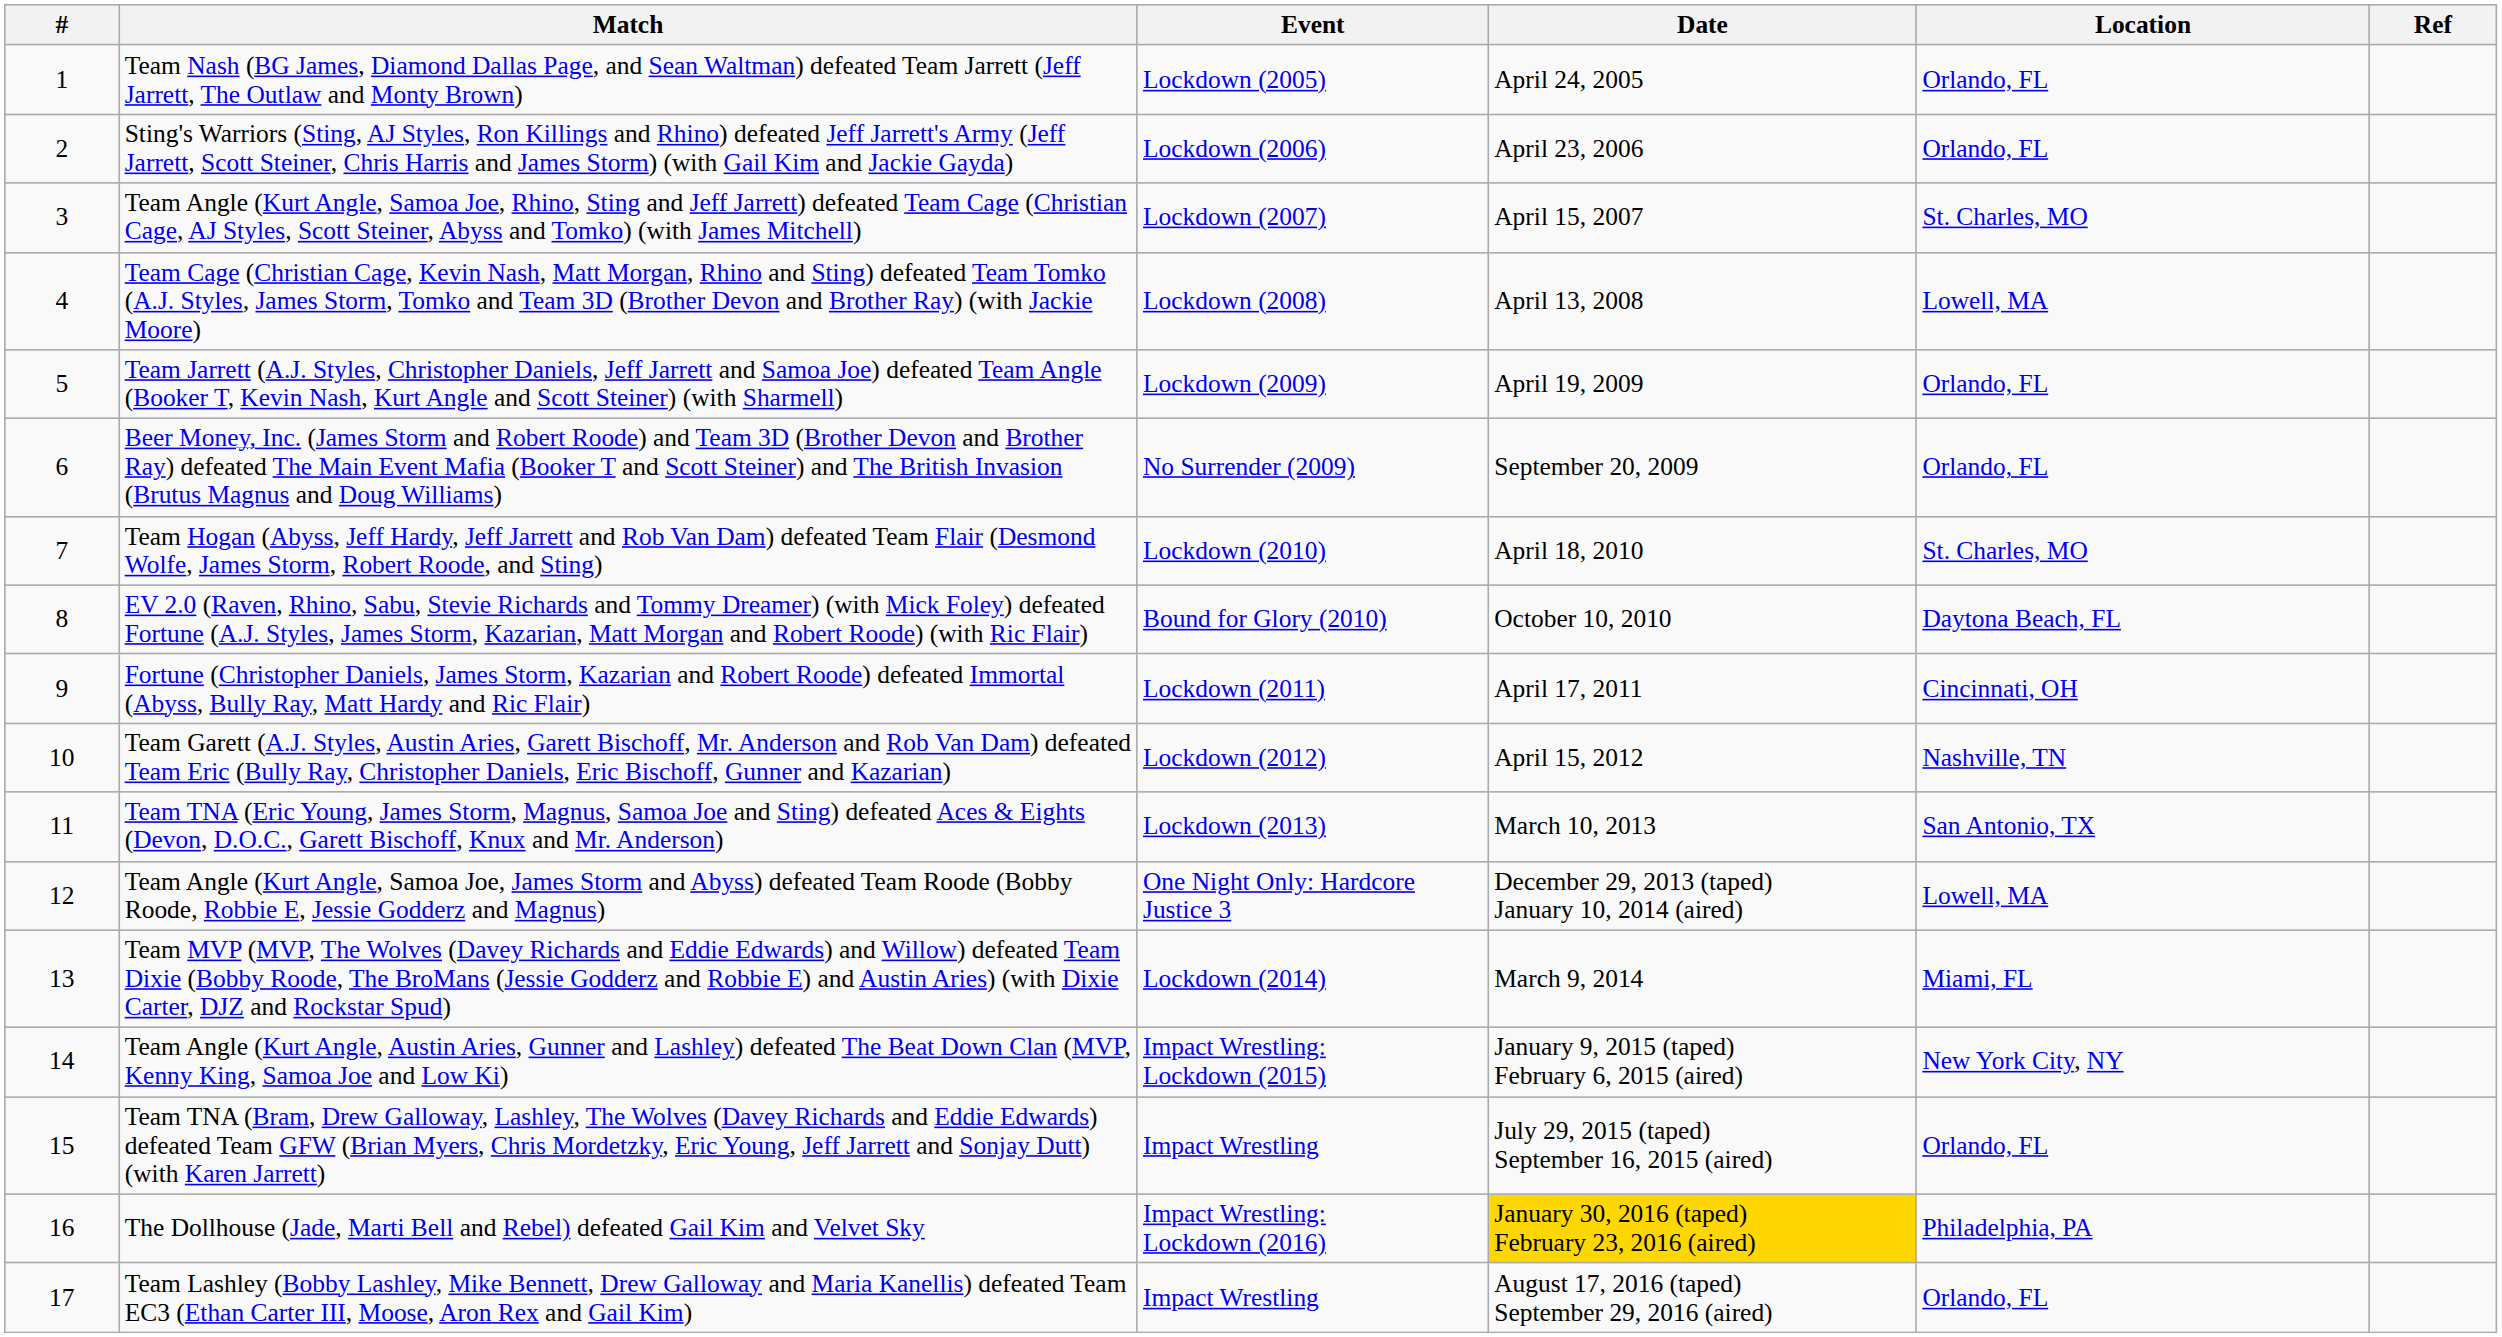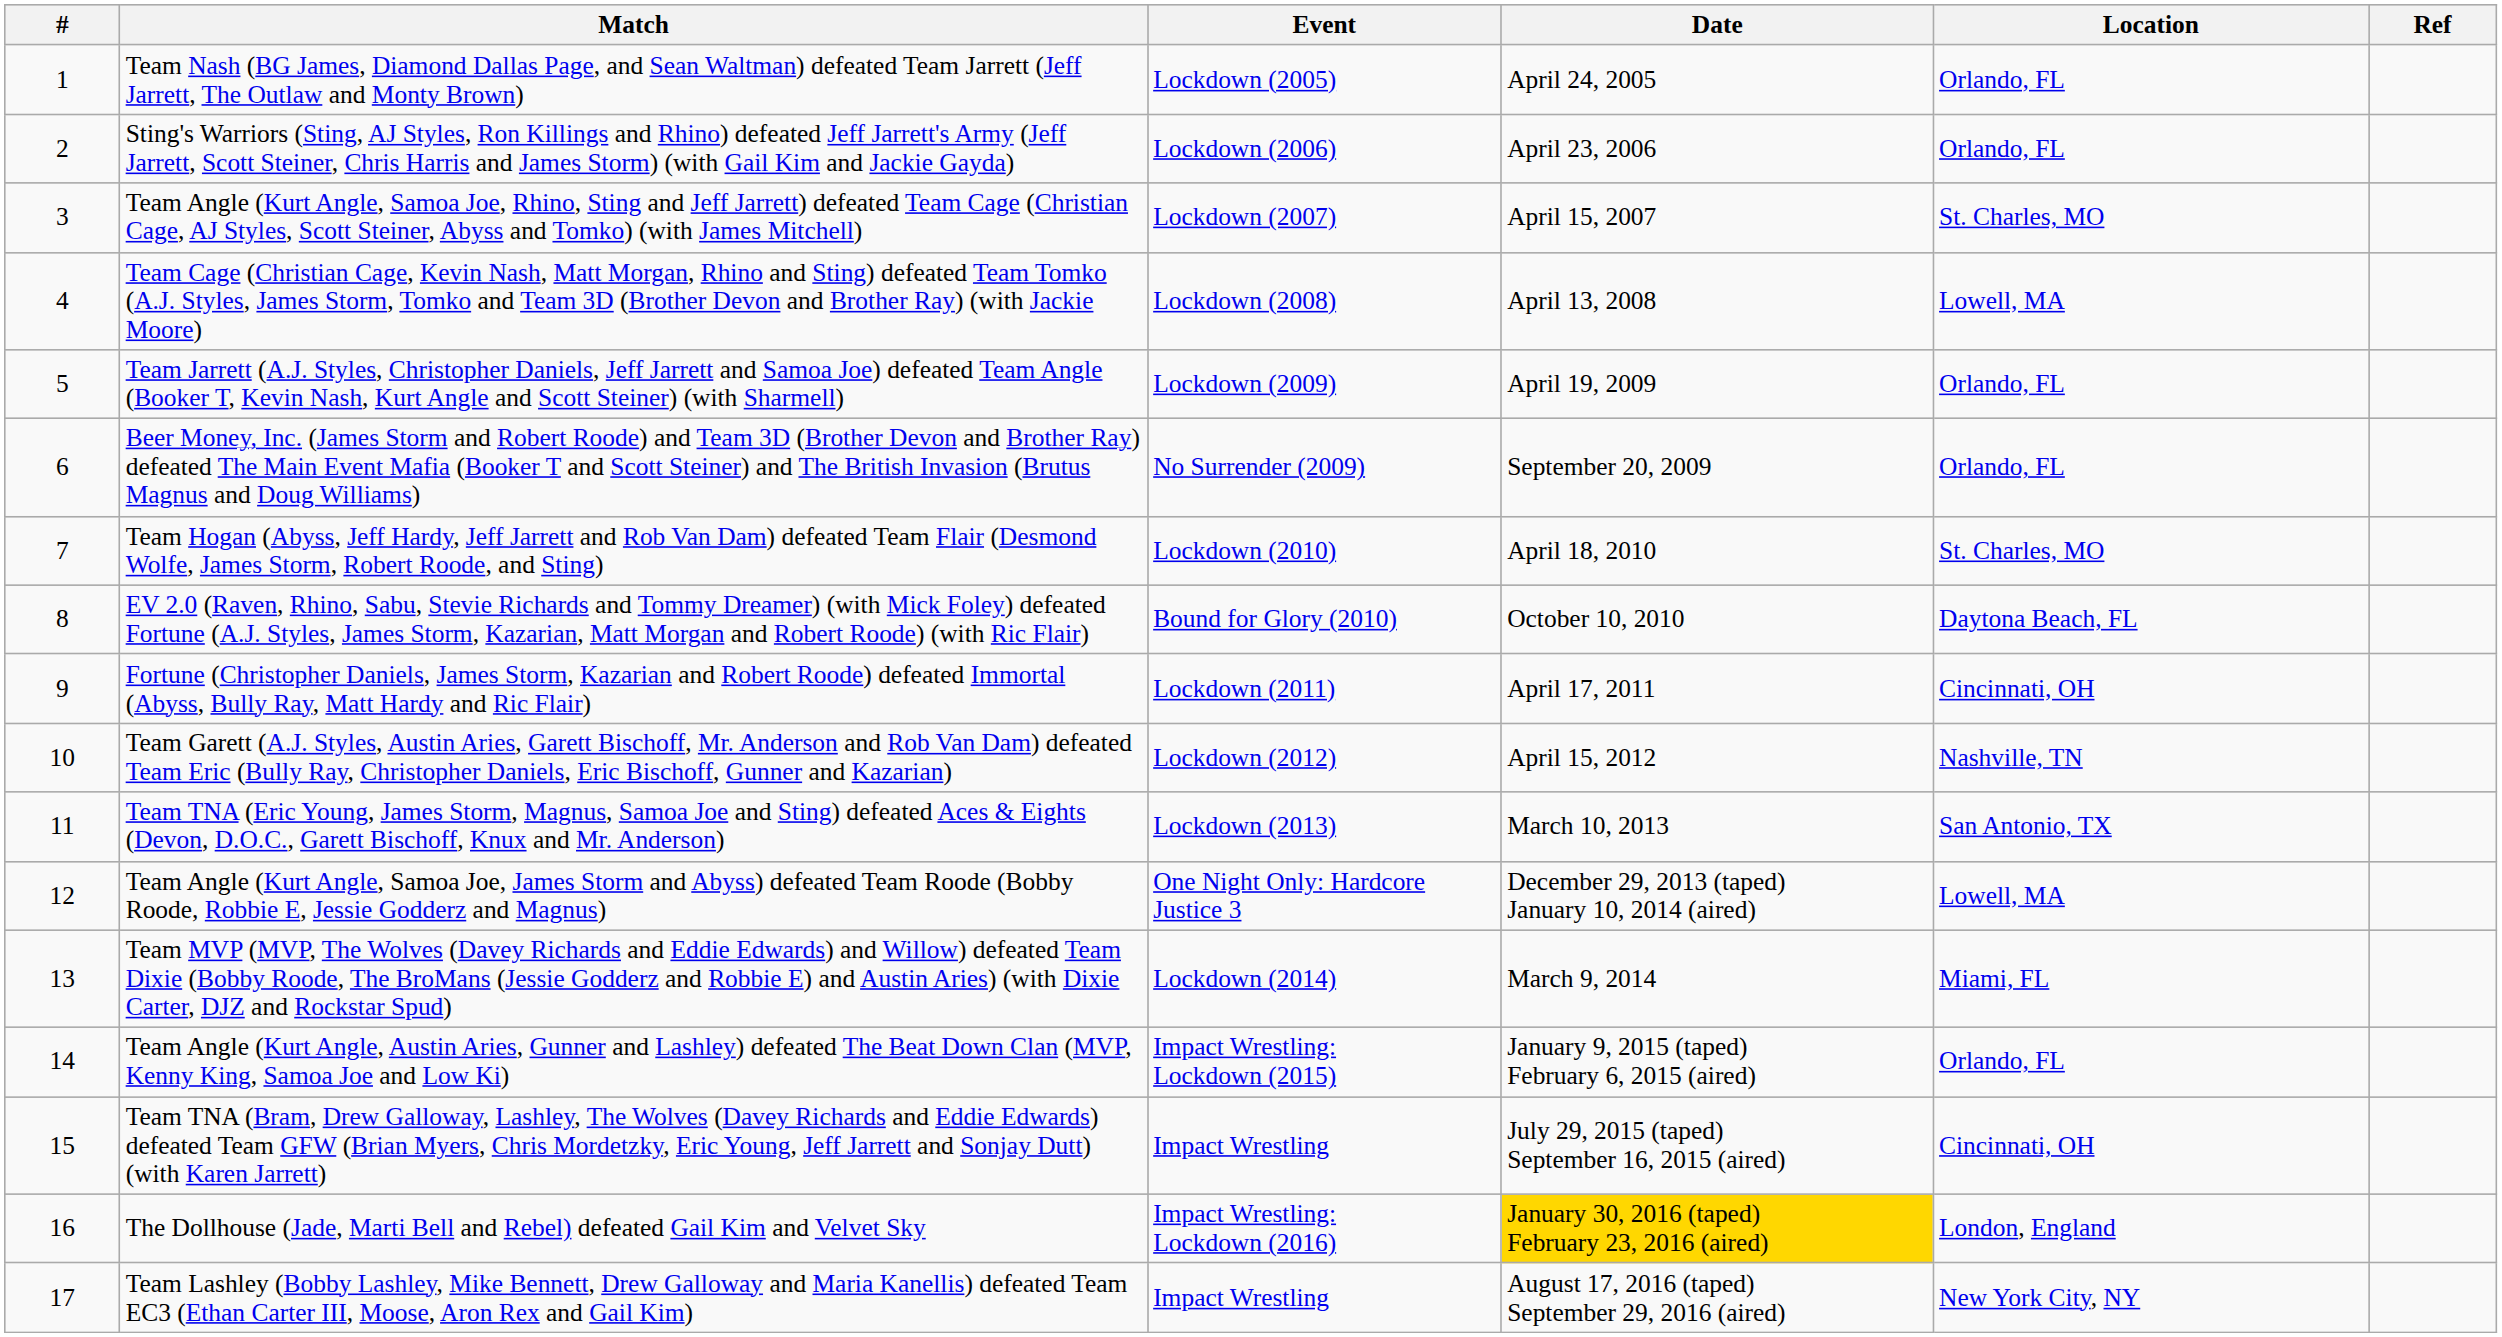 <table class="wikitable">
 <tr>
 <th width="1%">#</th>
 <th width="10%">Match</th>
 <th width="3%">Event</th>
 <th width="4%">Date</th>
 <th width="4%">Location</th>
 <th width="1%">Ref</th>
 </tr>
 <tr>
 <td align=center>1</td>
 <td>Team <a href='#'>Nash</a> (<a href='#'>BG James</a>, <a href='#'>Diamond Dallas Page</a>, and <a href='#'>Sean Waltman</a>) defeated Team Jarrett (<a href='#'>Jeff Jarrett</a>, <a href='#'>The Outlaw</a> and <a href='#'>Monty Brown</a>)</td>
 <td><a href='#'>Lockdown (2005)</a></td>
 <td>April 24, 2005</td>
 <td><a href='#'>Orlando, FL</a></td>
 <td></td>
 </tr>
 <tr>
 <td align=center>2</td>
 <td>Sting's Warriors (<a href='#'>Sting</a>, <a href='#'>AJ Styles</a>, <a href='#'>Ron Killings</a> and <a href='#'>Rhino</a>) defeated <a href='#'>Jeff Jarrett's Army</a> (<a href='#'>Jeff Jarrett</a>, <a href='#'>Scott Steiner</a>, <a href='#'>Chris Harris</a> and <a href='#'>James Storm</a>) (with <a href='#'>Gail Kim</a> and <a href='#'>Jackie Gayda</a>)</td>
 <td><a href='#'>Lockdown (2006)</a></td>
 <td>April 23, 2006</td>
 <td><a href='#'>Orlando, FL</a></td>
 <td></td>
 </tr>
 <tr>
 <td align=center>3</td>
 <td>Team Angle (<a href='#'>Kurt Angle</a>, <a href='#'>Samoa Joe</a>, <a href='#'>Rhino</a>, <a href='#'>Sting</a> and <a href='#'>Jeff Jarrett</a>) defeated <a href='#'>Team Cage</a> (<a href='#'>Christian Cage</a>, <a href='#'>AJ Styles</a>, <a href='#'>Scott Steiner</a>, <a href='#'>Abyss</a> and <a href='#'>Tomko</a>) (with <a href='#'>James Mitchell</a>)</td>
 <td><a href='#'>Lockdown (2007)</a></td>
 <td>April 15, 2007</td>
 <td><a href='#'>St. Charles, MO</a></td>
 <td></td>
 </tr>
 <tr>
 <td align=center>4</td>
 <td><a href='#'>Team Cage</a> (<a href='#'>Christian Cage</a>, <a href='#'>Kevin Nash</a>, <a href='#'>Matt Morgan</a>, <a href='#'>Rhino</a> and <a href='#'>Sting</a>) defeated <a href='#'>Team Tomko</a> (<a href='#'>A.J. Styles</a>, <a href='#'>James Storm</a>, <a href='#'>Tomko</a> and <a href='#'>Team 3D</a> (<a href='#'>Brother Devon</a> and <a href='#'>Brother Ray</a>) (with <a href='#'>Jackie Moore</a>)</td>
 <td><a href='#'>Lockdown (2008)</a></td>
 <td>April 13, 2008</td>
 <td><a href='#'>Lowell, MA</a></td>
 <td></td>
 </tr>
 <tr>
 <td align=center>5</td>
 <td><a href='#'>Team Jarrett</a> (<a href='#'>A.J. Styles</a>, <a href='#'>Christopher Daniels</a>, <a href='#'>Jeff Jarrett</a> and <a href='#'>Samoa Joe</a>) defeated <a href='#'>Team Angle</a> (<a href='#'>Booker T</a>, <a href='#'>Kevin Nash</a>, <a href='#'>Kurt Angle</a> and <a href='#'>Scott Steiner</a>) (with <a href='#'>Sharmell</a>)</td>
 <td><a href='#'>Lockdown (2009)</a></td>
 <td>April 19, 2009</td>
 <td><a href='#'>Orlando, FL</a></td>
 <td></td>
 </tr>
 <tr>
 <td align=center>6</td>
 <td><a href='#'>Beer Money, Inc.</a> (<a href='#'>James Storm</a> and <a href='#'>Robert Roode</a>) and <a href='#'>Team 3D</a> (<a href='#'>Brother Devon</a> and <a href='#'>Brother Ray</a>) defeated <a href='#'>The Main Event Mafia</a> (<a href='#'>Booker T</a> and <a href='#'>Scott Steiner</a>) and <a href='#'>The British Invasion</a> (<a href='#'>Brutus Magnus</a> and <a href='#'>Doug Williams</a>)</td>
 <td><a href='#'>No Surrender (2009)</a></td>
 <td>September 20, 2009</td>
 <td><a href='#'>Orlando, FL</a></td>
 <td></td>
 </tr>
 <tr>
 <td align="center">7</td>
 <td>Team <a href='#'>Hogan</a> (<a href='#'>Abyss</a>, <a href='#'>Jeff Hardy</a>, <a href='#'>Jeff Jarrett</a> and <a href='#'>Rob Van Dam</a>) defeated Team <a href='#'>Flair</a> (<a href='#'>Desmond Wolfe</a>, <a href='#'>James Storm</a>, <a href='#'>Robert Roode</a>, and <a href='#'>Sting</a>)</td>
 <td><a href='#'>Lockdown (2010)</a></td>
 <td>April 18, 2010</td>
 <td><a href='#'>St. Charles, MO</a></td>
 <td></td>
 </tr>
 <tr>
 <td align="center">8</td>
 <td><a href='#'>EV 2.0</a> (<a href='#'>Raven</a>, <a href='#'>Rhino</a>, <a href='#'>Sabu</a>, <a href='#'>Stevie Richards</a> and <a href='#'>Tommy Dreamer</a>) (with <a href='#'>Mick Foley</a>) defeated <a href='#'>Fortune</a> (<a href='#'>A.J. Styles</a>, <a href='#'>James Storm</a>, <a href='#'>Kazarian</a>, <a href='#'>Matt Morgan</a> and <a href='#'>Robert Roode</a>) (with <a href='#'>Ric Flair</a>)</td>
 <td><a href='#'>Bound for Glory (2010)</a></td>
 <td>October 10, 2010</td>
 <td><a href='#'>Daytona Beach, FL</a></td>
 <td></td>
 </tr>
 <tr>
 <td align="center">9</td>
 <td><a href='#'>Fortune</a> (<a href='#'>Christopher Daniels</a>, <a href='#'>James Storm</a>, <a href='#'>Kazarian</a> and <a href='#'>Robert Roode</a>) defeated <a href='#'>Immortal</a> (<a href='#'>Abyss</a>, <a href='#'>Bully Ray</a>, <a href='#'>Matt Hardy</a> and <a href='#'>Ric Flair</a>)</td>
 <td><a href='#'>Lockdown (2011)</a></td>
 <td>April 17, 2011</td>
 <td><a href='#'>Cincinnati, OH</a></td>
 <td></td>
 </tr>
 <tr>
 <td align="center">10</td>
 <td>Team Garett (<a href='#'>A.J. Styles</a>, <a href='#'>Austin Aries</a>, <a href='#'>Garett Bischoff</a>, <a href='#'>Mr. Anderson</a> and <a href='#'>Rob Van Dam</a>) defeated <a href='#'>Team Eric</a> (<a href='#'>Bully Ray</a>,  <a href='#'>Christopher Daniels</a>, <a href='#'>Eric Bischoff</a>, <a href='#'>Gunner</a> and <a href='#'>Kazarian</a>)</td>
 <td><a href='#'>Lockdown (2012)</a></td>
 <td>April 15, 2012</td>
 <td><a href='#'>Nashville, TN</a></td>
 <td></td>
 </tr>
 <tr>
 <td align="center">11</td>
 <td><a href='#'>Team TNA</a> (<a href='#'>Eric Young</a>, <a href='#'>James Storm</a>, <a href='#'>Magnus</a>, <a href='#'>Samoa Joe</a> and <a href='#'>Sting</a>)  defeated <a href='#'>Aces & Eights</a> (<a href='#'>Devon</a>, <a href='#'>D.O.C.</a>, <a href='#'>Garett Bischoff</a>, <a href='#'>Knux</a> and <a href='#'>Mr. Anderson</a>)</td>
 <td><a href='#'>Lockdown (2013)</a></td>
 <td>March 10, 2013</td>
 <td><a href='#'>San Antonio, TX</a></td>
 <td></td>
 </tr>
 <tr>
 <td align="center">12</td>
 <td>Team Angle (<a href='#'>Kurt Angle</a>, Samoa Joe, <a href='#'>James Storm</a> and <a href='#'>Abyss</a>) defeated Team Roode (Bobby Roode, <a href='#'>Robbie E</a>, <a href='#'>Jessie Godderz</a> and <a href='#'>Magnus</a>)</td>
 <td><a href='#'>One Night Only: Hardcore Justice 3</a></td>
 <td>December 29, 2013 (taped)<br>January 10, 2014 (aired)</td>
 <td><a href='#'>Lowell, MA</a></td>
 <td></td>
 </tr>
 <tr>
 <td align="center">13</td>
 <td>Team <a href='#'>MVP</a> (<a href='#'>MVP</a>, <a href='#'>The Wolves</a> (<a href='#'>Davey Richards</a> and <a href='#'>Eddie Edwards</a>) and <a href='#'>Willow</a>) defeated <a href='#'>Team Dixie</a> (<a href='#'>Bobby Roode</a>, <a href='#'>The BroMans</a> (<a href='#'>Jessie Godderz</a> and <a href='#'>Robbie E</a>) and <a href='#'>Austin Aries</a>) (with <a href='#'>Dixie Carter</a>, <a href='#'>DJZ</a> and <a href='#'>Rockstar Spud</a>)</td>
 <td><a href='#'>Lockdown (2014)</a></td>
 <td>March 9, 2014</td>
 <td><a href='#'>Miami, FL</a></td>
 <td></td>
 </tr>
 <tr>
 <td align="center">14</td>
 <td>Team Angle (<a href='#'>Kurt Angle</a>, <a href='#'>Austin Aries</a>, <a href='#'>Gunner</a> and <a href='#'>Lashley</a>) defeated <a href='#'>The Beat Down Clan</a> (<a href='#'>MVP</a>, <a href='#'>Kenny King</a>, <a href='#'>Samoa Joe</a> and <a href='#'>Low Ki</a>)</td>
 <td><a href='#'>Impact Wrestling:</a><br><a href='#'>Lockdown (2015)</a></td>
 <td>January 9, 2015 (taped)<br>February 6, 2015 (aired)</td>
-<td><a href='#'>New York City</a>, <a href='#'>NY</a></td>
+<td><a href='#'>Orlando, FL</a></td>
 <td></td>
 </tr>
 <tr>
 <td align="center">15</td>
 <td>Team TNA (<a href='#'>Bram</a>, <a href='#'>Drew Galloway</a>, <a href='#'>Lashley</a>, <a href='#'>The Wolves</a> (<a href='#'>Davey Richards</a> and <a href='#'>Eddie Edwards</a>) defeated Team <a href='#'>GFW</a> (<a href='#'>Brian Myers</a>, <a href='#'>Chris Mordetzky</a>, <a href='#'>Eric Young</a>, <a href='#'>Jeff Jarrett</a> and <a href='#'>Sonjay Dutt</a>) (with <a href='#'>Karen Jarrett</a>)</td>
 <td><a href='#'>Impact Wrestling</a></td>
 <td>July 29, 2015 (taped)<br>September 16, 2015 (aired)</td>
-<td><a href='#'>Orlando, FL</a></td>
+<td><a href='#'>Cincinnati, OH</a></td>
 <td></td>
 </tr>
 <tr>
 <td align="center">16</td>
 <td>The Dollhouse (<a href='#'>Jade</a>, <a href='#'>Marti Bell</a> and <a href='#'>Rebel)</a> defeated <a href='#'>Gail Kim</a> and <a href='#'>Velvet Sky</a></td>
 <td><a href='#'>Impact Wrestling:</a><br><a href='#'>Lockdown (2016)</a></td>
 <td style="background: gold;">January 30, 2016 (taped)<br>February 23, 2016 (aired)</td>
-<td><a href='#'>Philadelphia, PA</a></td>
+<td><a href='#'>London</a>, <a href='#'>England</a></td>
 <td></td>
 </tr>
 <tr>
 <td align="center">17</td>
 <td>Team Lashley (<a href='#'>Bobby Lashley</a>, <a href='#'>Mike Bennett</a>, <a href='#'>Drew Galloway</a> and <a href='#'>Maria Kanellis</a>) defeated Team EC3 (<a href='#'>Ethan Carter III</a>, <a href='#'>Moose</a>, <a href='#'>Aron Rex</a> and <a href='#'>Gail Kim</a>)</td>
 <td><a href='#'>Impact Wrestling</a></td>
 <td>August 17, 2016 (taped)<br>September 29, 2016 (aired)</td>
-<td><a href='#'>Orlando, FL</a></td>
+<td><a href='#'>New York City</a>, <a href='#'>NY</a></td>
 <td></td>
 </tr>
 </table>
